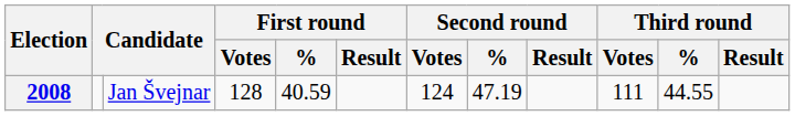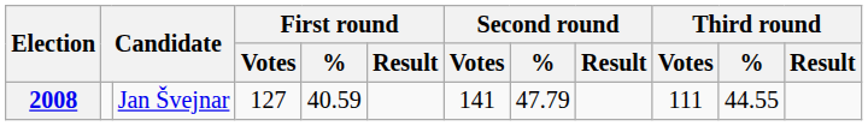 <table class="wikitable" style=text-align:center;">
 <tr>
 <th rowspan=2>Election</th>
 <th rowspan=2 colspan=2>Candidate</th>
 <th colspan=3>First round</th>
 <th colspan=3>Second round</th>
 <th colspan=3>Third round</th>
 </tr>
 <tr>
 <th>Votes</th>
 <th>%</th>
 <th>Result</th>
 <th>Votes</th>
 <th>%</th>
 <th>Result</th>
 <th>Votes</th>
 <th>%</th>
 <th>Result</th>
 </tr>
 <tr>
 <th><a href='#'>2008</a></th>
 <td style="background-color: "></td>
 <td><a href='#'>Jan Švejnar</a></td>
-<td>128</td>
+<td>127</td>
 <td>40.59</td>
 <td></td>
-<td>124</td>
-<td>47.19</td>
+<td>141</td>
+<td>47.79</td>
 <td></td>
 <td>111</td>
 <td>44.55</td>
 <td></td>
 </tr>
 </table>
